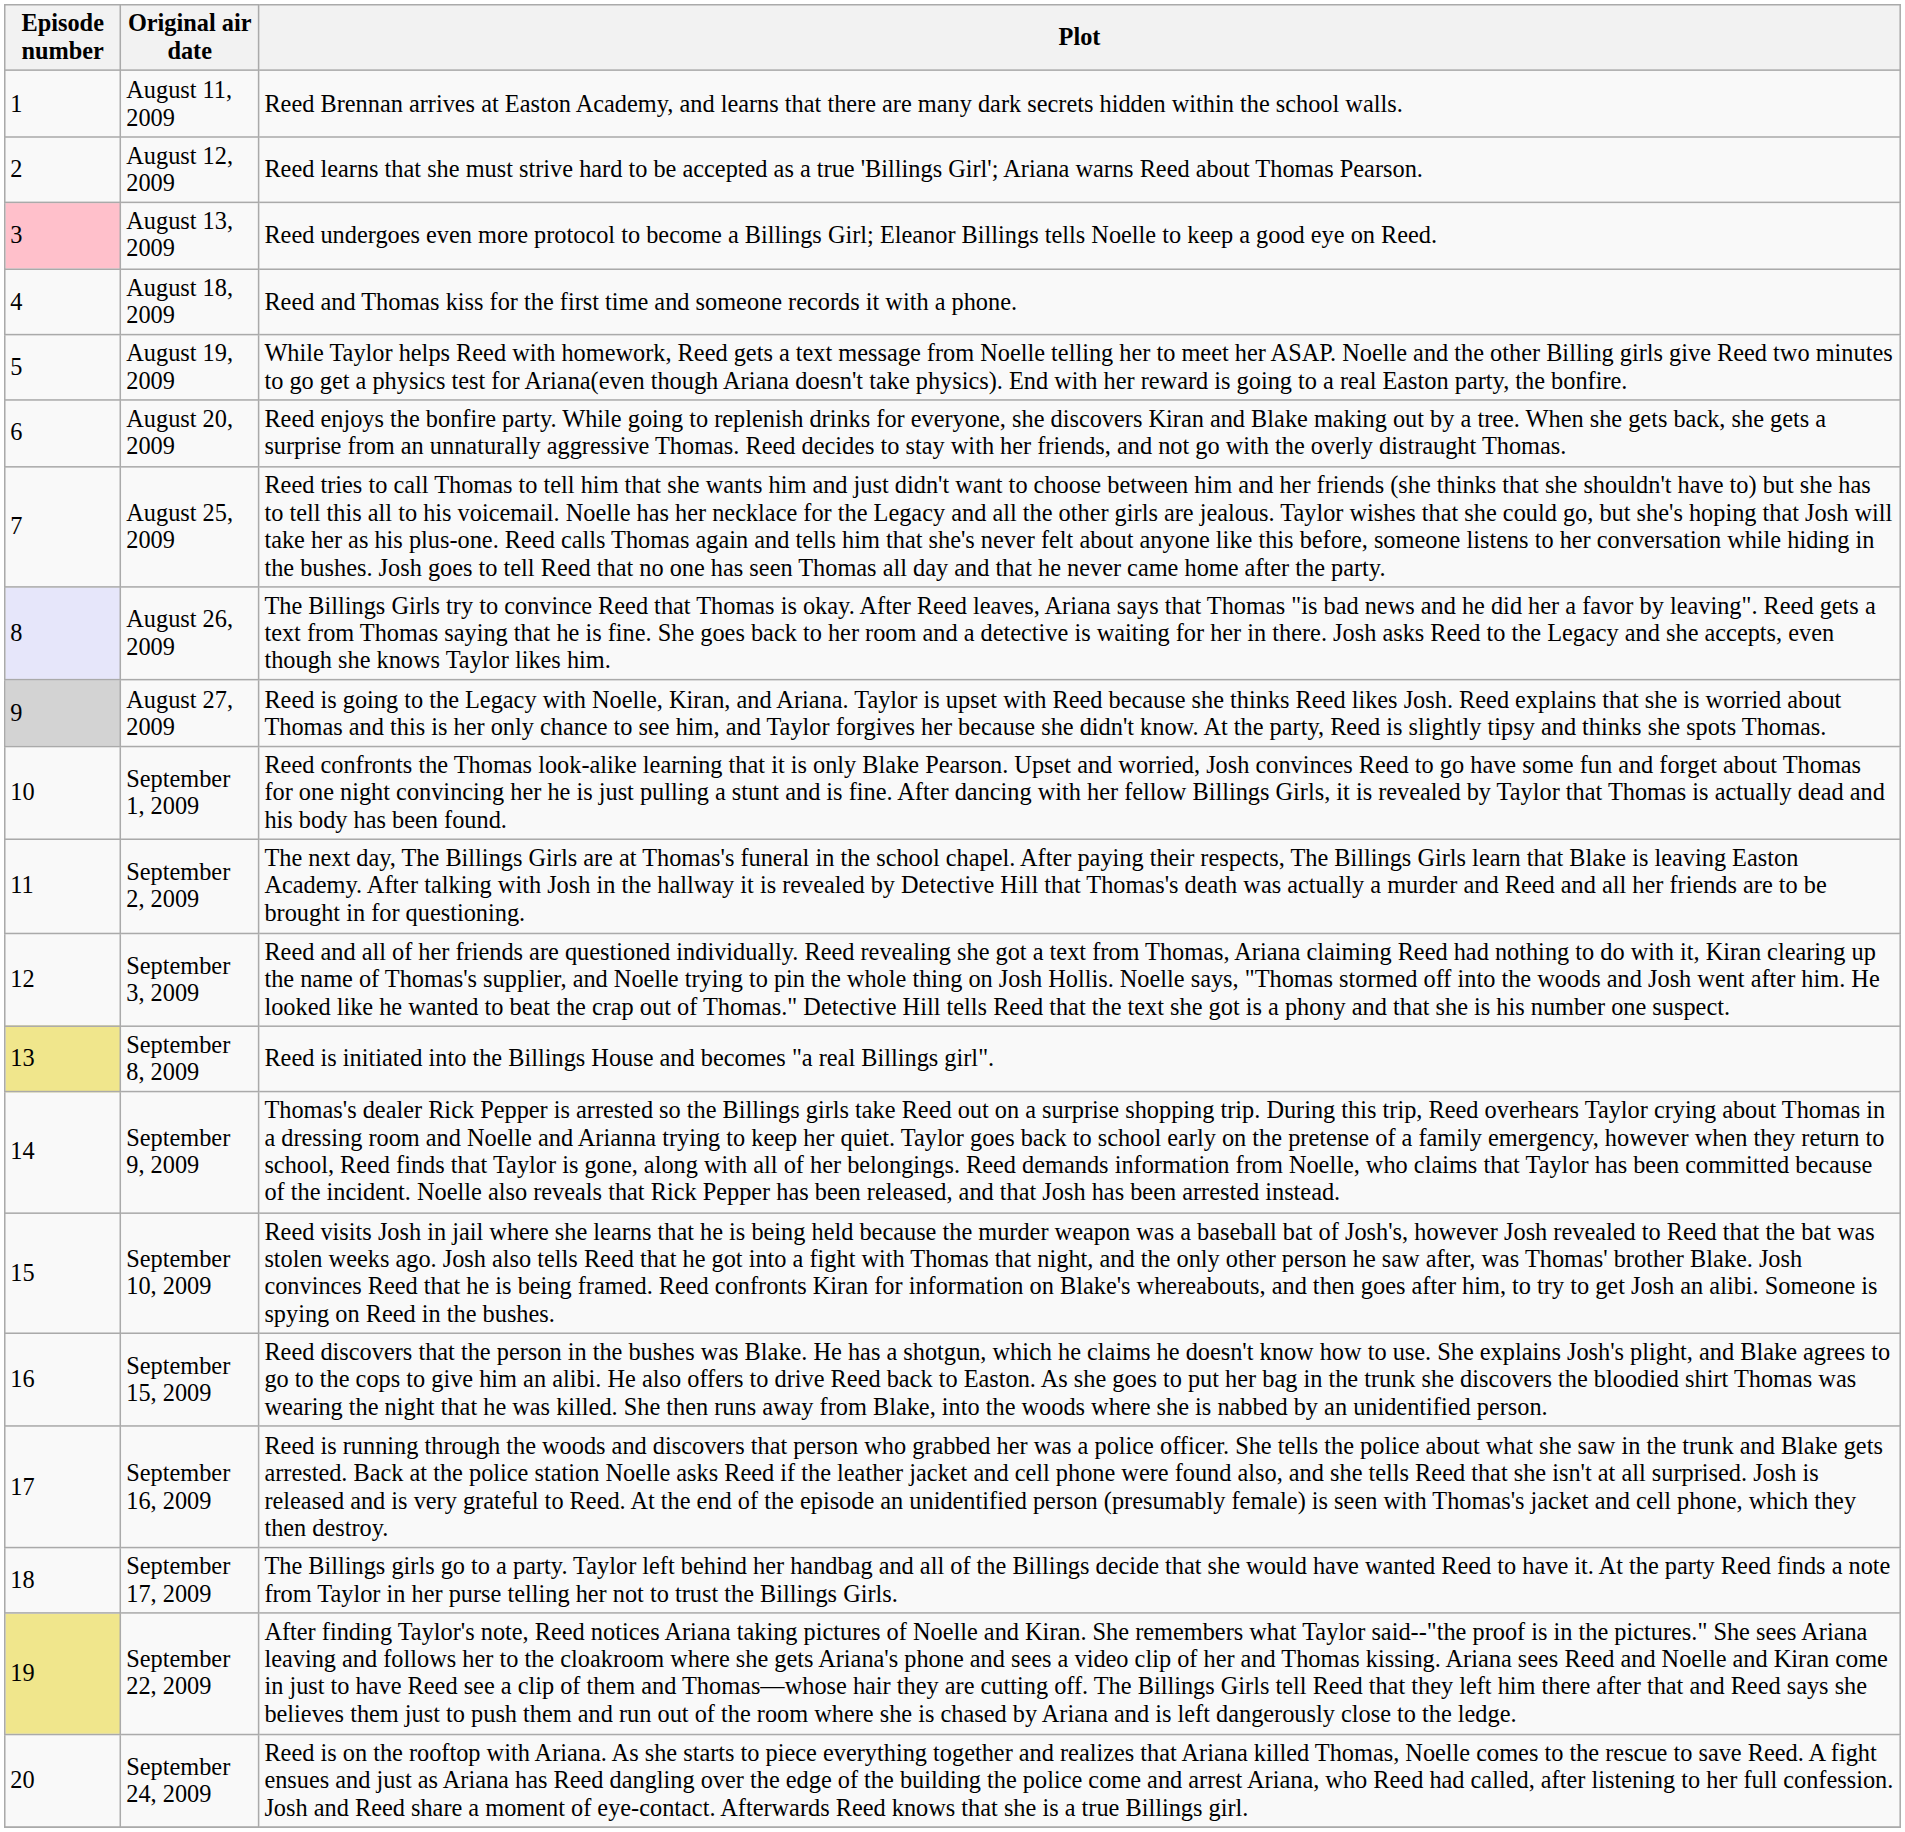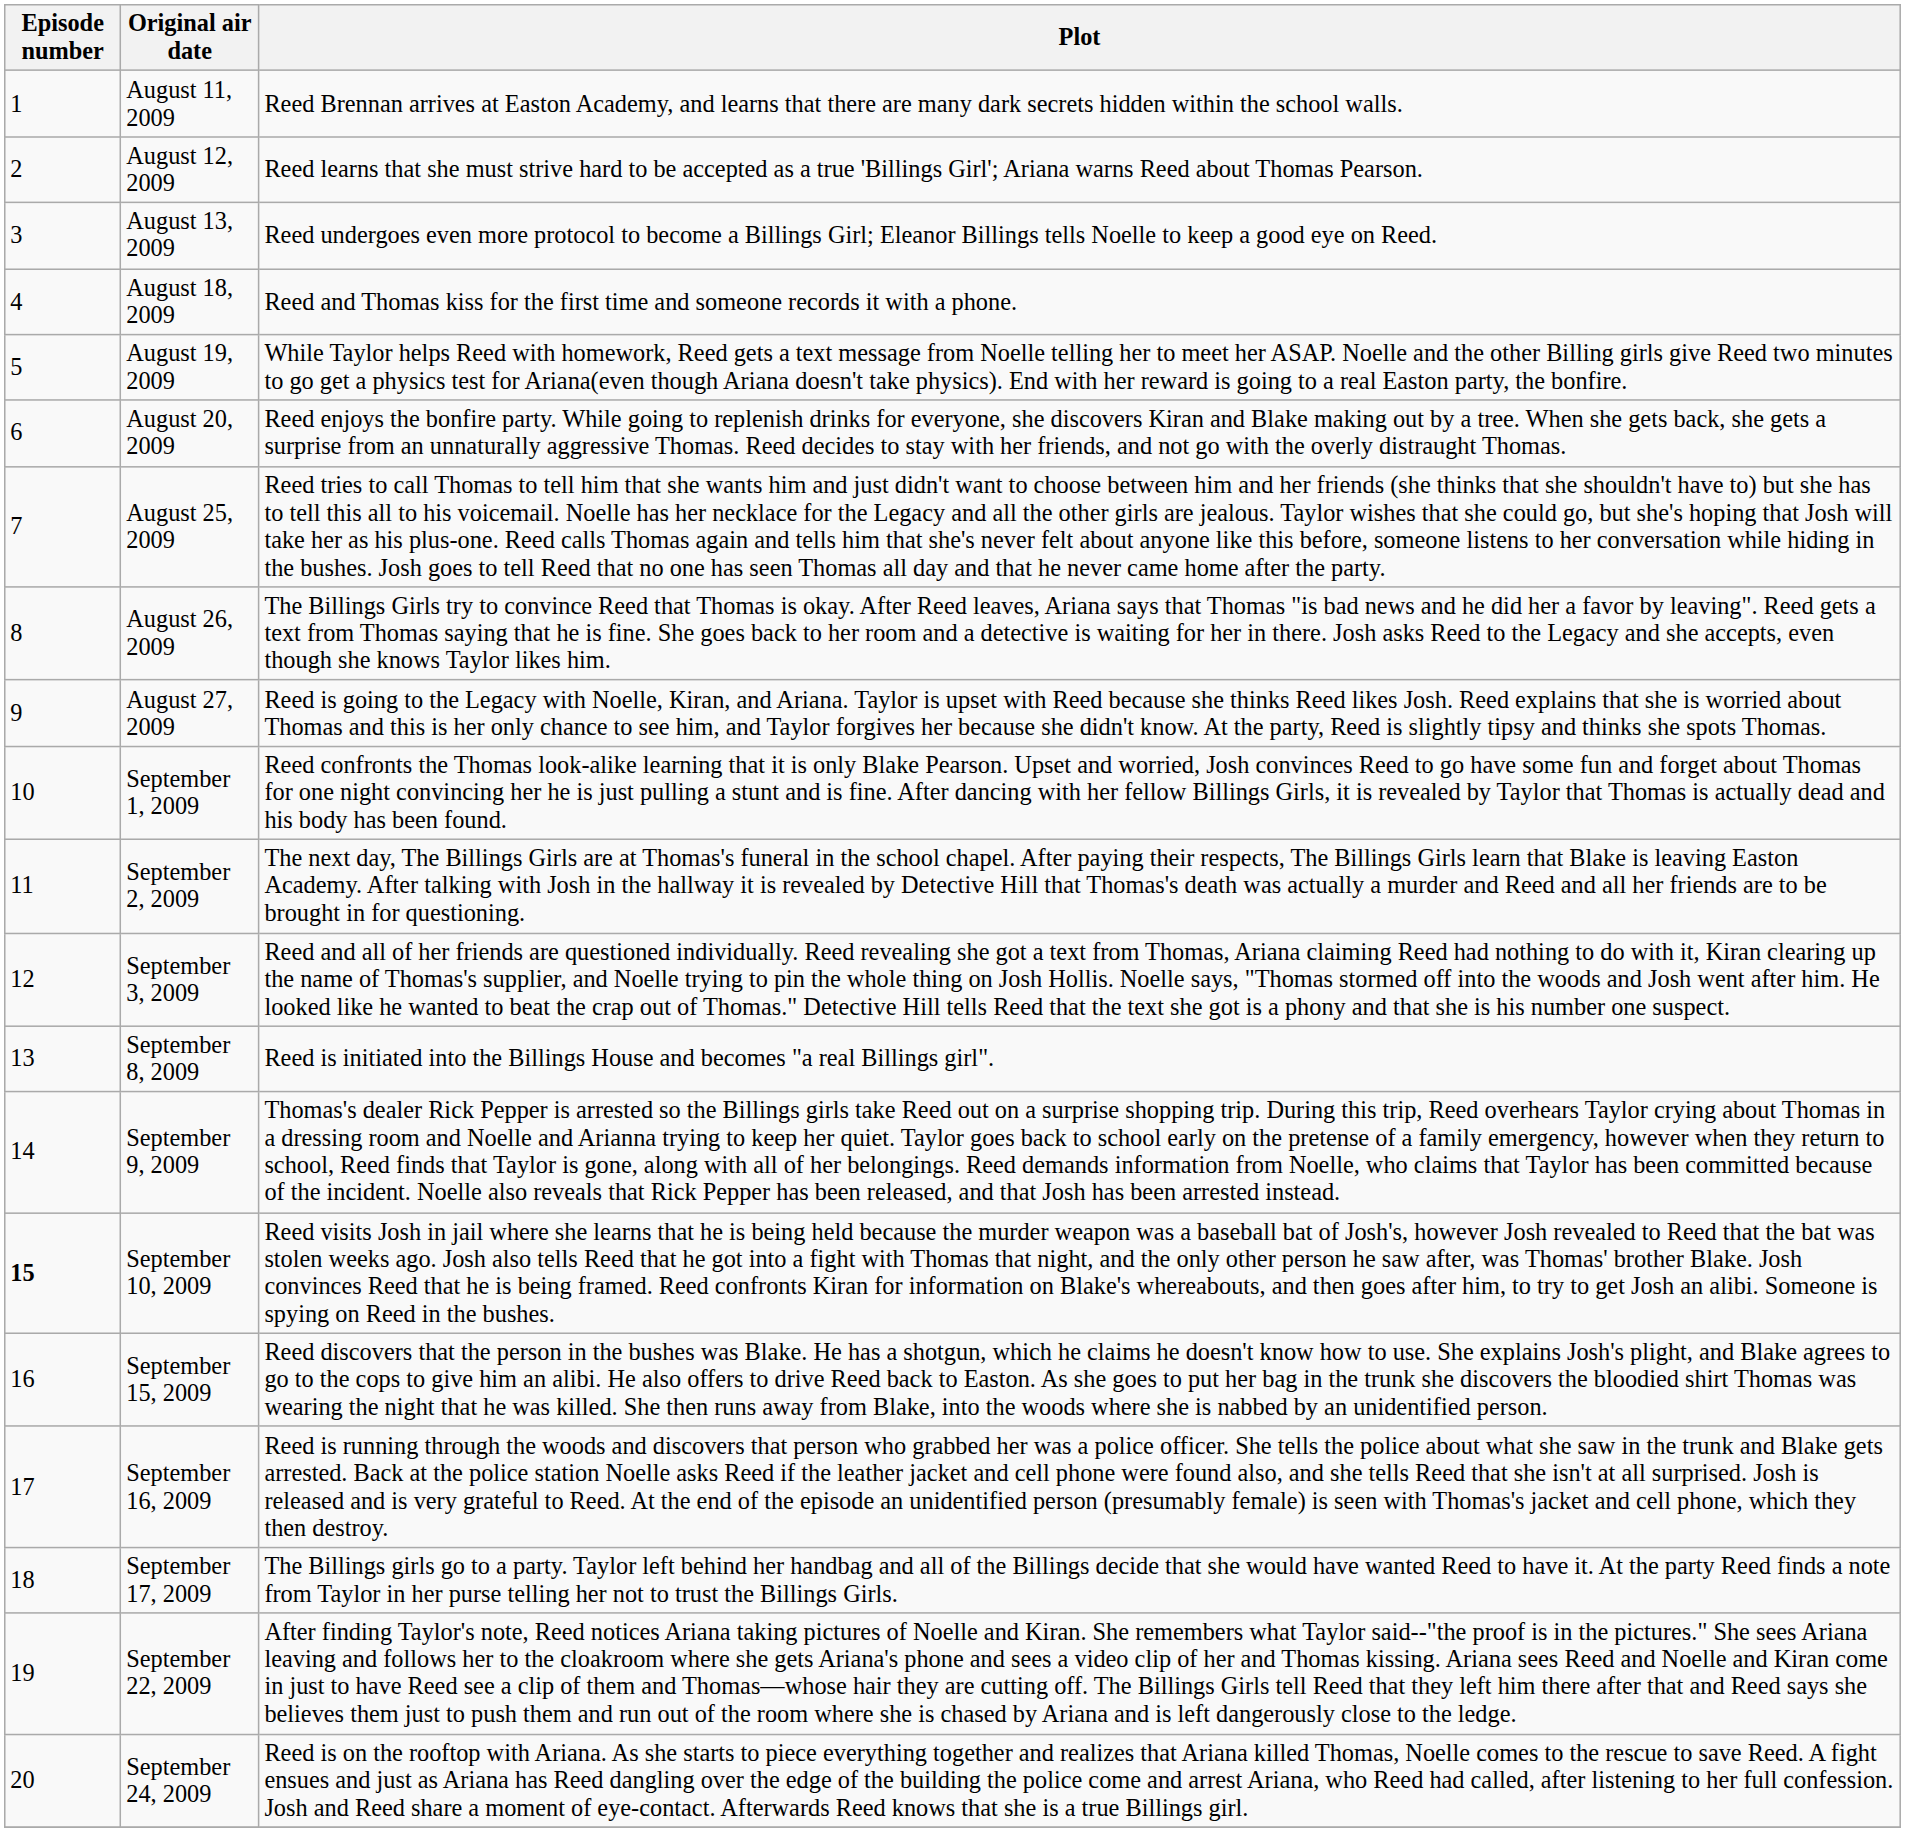 <table class="wikitable">
 <tr>
 <th>Episode number</th>
 <th>Original air date</th>
 <th>Plot</th>
 </tr>
 <tr>
 <td>1</td>
 <td>August 11, 2009</td>
 <td>Reed Brennan arrives at Easton Academy, and learns that there are many dark secrets hidden within the school walls.</td>
 </tr>
 <tr>
 <td>2</td>
 <td>August 12, 2009</td>
 <td>Reed learns that she must strive hard to be accepted as a true 'Billings Girl'; Ariana warns Reed about Thomas Pearson.</td>
 </tr>
 <tr>
-<td style="background: pink;">3</td>
+<td>3</td>
 <td>August 13, 2009</td>
 <td>Reed undergoes even more protocol to become a Billings Girl; Eleanor Billings tells Noelle to keep a good eye on Reed.</td>
 </tr>
 <tr>
 <td>4</td>
 <td>August 18, 2009</td>
 <td>Reed and Thomas kiss for the first time and someone records it with a phone.</td>
 </tr>
 <tr>
 <td>5</td>
 <td>August 19, 2009</td>
 <td>While Taylor helps Reed with homework, Reed gets a text message from Noelle telling her to meet her ASAP. Noelle and the other Billing girls give Reed two minutes to go get a physics test for Ariana(even though Ariana doesn't take physics). End with her reward is going to a real Easton party, the bonfire.</td>
 </tr>
 <tr>
 <td>6</td>
 <td>August 20, 2009</td>
 <td>Reed enjoys the bonfire party. While going to replenish drinks for everyone, she discovers Kiran and Blake making out by a tree. When she gets back, she gets a surprise from an unnaturally aggressive Thomas. Reed decides to stay with her friends, and not go with the overly distraught Thomas.</td>
 </tr>
 <tr>
 <td>7</td>
 <td>August 25, 2009</td>
 <td>Reed tries to call Thomas to tell him that she wants him and just didn't want to choose between him and her friends (she thinks that she shouldn't have to) but she has to tell this all to his voicemail. Noelle has her necklace for the Legacy and all the other girls are jealous. Taylor wishes that she could go, but she's hoping that Josh will take her as his plus-one. Reed calls Thomas again and tells him that she's never felt about anyone like this before, someone listens to her conversation while hiding in the bushes. Josh goes to tell Reed that no one has seen Thomas all day and that he never came home after the party.</td>
 </tr>
 <tr>
-<td style="background: lavender;">8</td>
+<td>8</td>
 <td>August 26, 2009</td>
 <td>The Billings Girls try to convince Reed that Thomas is okay. After Reed leaves, Ariana says that Thomas "is bad news and he did her a favor by leaving". Reed gets a text from Thomas saying that he is fine. She goes back to her room and a detective is waiting for her in there. Josh asks Reed to the Legacy and she accepts, even though she knows Taylor likes him.</td>
 </tr>
 <tr>
-<td style="background: lightgrey;">9</td>
+<td>9</td>
 <td>August 27, 2009</td>
 <td>Reed is going to the Legacy with Noelle, Kiran, and Ariana. Taylor is upset with Reed because she thinks Reed likes Josh. Reed explains that she is worried about Thomas and this is her only chance to see him, and Taylor forgives her because she didn't know. At the party, Reed is slightly tipsy and thinks she spots Thomas.</td>
 </tr>
 <tr>
 <td>10</td>
 <td>September 1, 2009</td>
 <td>Reed confronts the Thomas look-alike learning that it is only Blake Pearson. Upset and worried, Josh convinces Reed to go have some fun and forget about Thomas for one night convincing her he is just pulling a stunt and is fine. After dancing with her fellow Billings Girls, it is revealed by Taylor that Thomas is actually dead and his body has been found.</td>
 </tr>
 <tr>
 <td>11</td>
 <td>September 2, 2009</td>
 <td>The next day, The Billings Girls are at Thomas's funeral in the school chapel. After paying their respects, The Billings Girls learn that Blake is leaving Easton Academy. After talking with Josh in the hallway it is revealed by Detective Hill that Thomas's death was actually a murder and Reed and all her friends are to be brought in for questioning.</td>
 </tr>
 <tr>
 <td>12</td>
 <td>September 3, 2009</td>
 <td>Reed and all of her friends are questioned individually. Reed revealing she got a text from Thomas, Ariana claiming Reed had nothing to do with it, Kiran clearing up the name of Thomas's supplier, and Noelle trying to pin the whole thing on Josh Hollis. Noelle says, "Thomas stormed off into the woods and Josh went after him. He looked like he wanted to beat the crap out of Thomas." Detective Hill tells Reed that the text she got is a phony and that she is his number one suspect.</td>
 </tr>
 <tr>
-<td style="background: khaki;">13</td>
+<td>13</td>
 <td>September 8, 2009</td>
 <td>Reed is initiated into the Billings House and becomes "a real Billings girl".</td>
 </tr>
 <tr>
 <td>14</td>
 <td>September 9, 2009</td>
 <td>Thomas's dealer Rick Pepper is arrested so the Billings girls take Reed out on a surprise shopping trip. During this trip, Reed overhears Taylor crying about Thomas in a dressing room and Noelle and Arianna trying to keep her quiet. Taylor goes back to school early on the pretense of a family emergency, however when they return to school, Reed finds that Taylor is gone, along with all of her belongings. Reed demands information from Noelle, who claims that Taylor has been committed because of the incident. Noelle also reveals that Rick Pepper has been released, and that Josh has been arrested instead.</td>
 </tr>
 <tr>
-<td>15</td>
+<td><strong>15</strong></td>
 <td>September 10, 2009</td>
 <td>Reed visits Josh in jail where she learns that he is being held because the murder weapon was a baseball bat of Josh's, however Josh revealed to Reed that the bat was stolen weeks ago. Josh also tells Reed that he got into a fight with Thomas that night, and the only other person he saw after, was Thomas' brother Blake. Josh convinces Reed that he is being framed. Reed confronts Kiran for information on Blake's whereabouts, and then goes after him, to try to get Josh an alibi. Someone is spying on Reed in the bushes.</td>
 </tr>
 <tr>
 <td>16</td>
 <td>September 15, 2009</td>
 <td>Reed discovers that the person in the bushes was Blake. He has a shotgun, which he claims he doesn't know how to use. She explains Josh's plight, and Blake agrees to go to the cops to give him an alibi. He also offers to drive Reed back to Easton. As she goes to put her bag in the trunk she discovers the bloodied shirt Thomas was wearing the night that he was killed. She then runs away from Blake, into the woods where she is nabbed by an unidentified person.</td>
 </tr>
 <tr>
 <td>17</td>
 <td>September 16, 2009</td>
 <td>Reed is running through the woods and discovers that person who grabbed her was a police officer.  She tells the police about what she saw in the trunk and Blake gets arrested.  Back at the police station Noelle asks Reed if the leather jacket and cell phone were found also, and she tells Reed that she isn't at all surprised.  Josh is released and is very grateful to Reed.  At the end of the episode an unidentified person (presumably female) is seen with Thomas's jacket and cell phone, which they then destroy.</td>
 </tr>
 <tr>
 <td>18</td>
 <td>September 17, 2009</td>
 <td>The Billings girls go to a party. Taylor left behind her handbag and all of the Billings decide that she would have wanted Reed to have it. At the party Reed finds a note from Taylor in her purse telling her not to trust the Billings Girls.</td>
 </tr>
 <tr>
-<td style="background: khaki;">19</td>
+<td>19</td>
 <td>September 22, 2009</td>
 <td>After finding Taylor's note, Reed notices Ariana taking pictures of Noelle and Kiran. She remembers what Taylor said--"the proof is in the pictures." She sees Ariana leaving and follows her to the cloakroom where she gets Ariana's phone and sees a video clip of her and Thomas kissing. Ariana sees Reed and Noelle and Kiran come in just to have Reed see a clip of them and Thomas—whose hair they are cutting off. The Billings Girls tell Reed that they left him there after that and Reed says she believes them just to push them and run out of the room where she is chased by Ariana and is left dangerously close to the ledge.</td>
 </tr>
 <tr>
 <td>20</td>
 <td>September 24, 2009</td>
 <td>Reed is on the rooftop with Ariana. As she starts to piece everything together and realizes that Ariana killed Thomas, Noelle comes to the rescue to save Reed. A fight ensues and just as Ariana has Reed dangling over the edge of the building the police come and arrest Ariana, who Reed had called, after listening to her full confession. Josh and Reed share a moment of eye-contact. Afterwards Reed knows that she is a true Billings girl.</td>
 </tr>
 <tr>
 </tr>
 </table>
